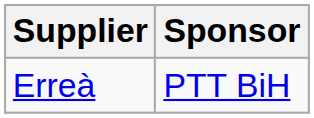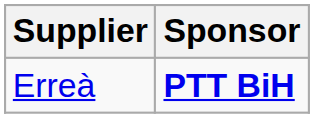 <table class="wikitable">
 <tr>
 <th>Supplier</th>
 <th>Sponsor</th>
 </tr>
 <tr>
 <td> <a href='#'>Erreà</a></td>
-<td> <a href='#'>PTT BiH</a></td>
+<td><strong> <a href='#'>PTT BiH</a></strong></td>
 </tr>
 </table>
